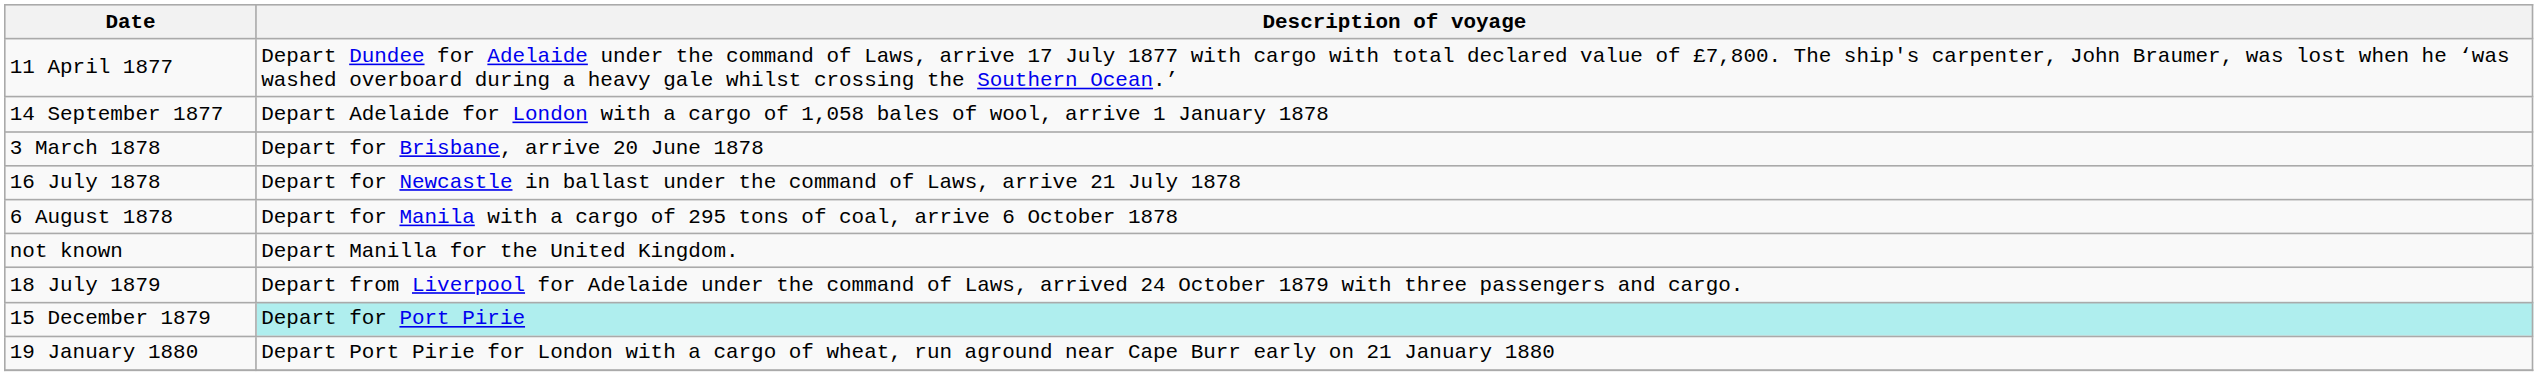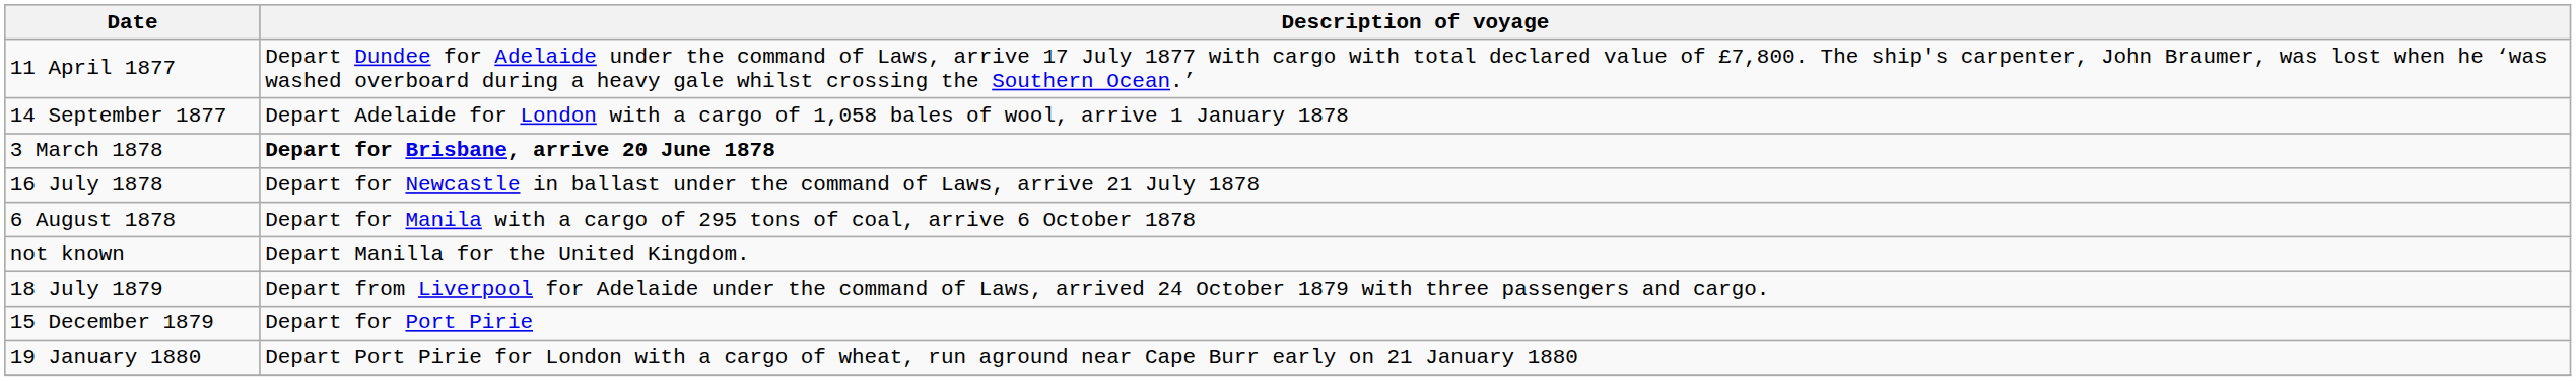 <table class="wikitable">
 <tr>
 <th scope="col" width="150px">Date</th>
 <th>Description of voyage</th>
 </tr>
 <tr>
 <td>11 April 1877</td>
 <td>Depart <a href='#'>Dundee</a> for <a href='#'>Adelaide</a> under the command of Laws, arrive 17 July 1877 with cargo with total declared value of £7,800.  The ship's carpenter, John Braumer, was lost when he ‘was washed overboard during a heavy gale whilst crossing the <a href='#'>Southern Ocean</a>.’</td>
 </tr>
 <tr>
 <td>14 September 1877</td>
 <td>Depart Adelaide for <a href='#'>London</a> with a cargo of 1,058 bales of wool, arrive 1 January 1878</td>
 </tr>
 <tr>
 <td>3 March 1878</td>
-<td>Depart for <a href='#'>Brisbane</a>, arrive 20 June 1878</td>
+<td><strong>Depart for <a href='#'>Brisbane</a>, arrive 20 June 1878</strong></td>
 </tr>
 <tr>
 <td>16 July 1878</td>
 <td>Depart for <a href='#'>Newcastle</a> in ballast under the command of Laws, arrive 21 July 1878</td>
 </tr>
 <tr>
 <td>6 August 1878</td>
 <td>Depart for <a href='#'>Manila</a> with a cargo of 295 tons of coal, arrive 6 October 1878</td>
 </tr>
 <tr>
 <td>not known</td>
 <td>Depart Manilla for the United Kingdom.</td>
 </tr>
 <tr>
 <td>18 July 1879</td>
 <td>Depart from <a href='#'>Liverpool</a> for Adelaide under the command of Laws, arrived 24 October 1879 with three passengers and cargo.</td>
 </tr>
 <tr>
 <td>15 December 1879</td>
-<td style="background: paleturquoise;">Depart for <a href='#'>Port Pirie</a></td>
+<td>Depart for <a href='#'>Port Pirie</a></td>
 </tr>
 <tr>
 <td>19 January 1880</td>
 <td>Depart Port Pirie for London with a cargo of wheat, run aground near Cape Burr early on 21 January 1880</td>
 </tr>
 <tr>
 </tr>
 </table>
